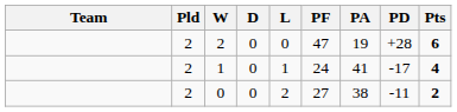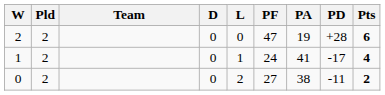 <table class="wikitable" style="text-align:center;">
 <tr>
+<th width=25 abbr="Won">W</th>
+<th width=25 abbr="Played">Pld</th>
 <th width=160>Team</th>
-<th width=25 abbr="Played">Pld</th>
-<th width=25 abbr="Won">W</th>
 <th width=25 abbr="Drawn">D</th>
 <th width=25 abbr="Lost">L</th>
 <th width=32 abbr="Points for">PF</th>
 <th width=32 abbr="Points against">PA</th>
 <th width=32 abbr="Points difference">PD</th>
 <th width=25 abbr="Points">Pts</th>
 </tr>
 <tr>
-<td align=left></td>
 <td>2</td>
 <td>2</td>
+<td align=left></td>
 <td>0</td>
 <td>0</td>
 <td>47</td>
 <td>19</td>
 <td>+28</td>
 <td><strong>6</strong></td>
 </tr>
 <tr>
+<td>1</td>
+<td>2</td>
 <td align=left></td>
-<td>2</td>
-<td>1</td>
 <td>0</td>
 <td>1</td>
 <td>24</td>
 <td>41</td>
 <td>-17</td>
 <td><strong>4</strong></td>
 </tr>
 <tr>
+<td>0</td>
+<td>2</td>
 <td align=left></td>
-<td>2</td>
-<td>0</td>
 <td>0</td>
 <td>2</td>
 <td>27</td>
 <td>38</td>
 <td>-11</td>
 <td><strong>2</strong></td>
 </tr>
 </table>
